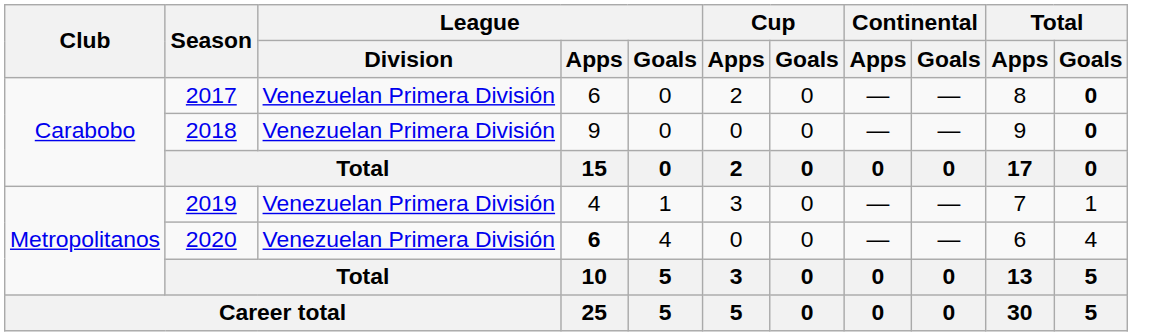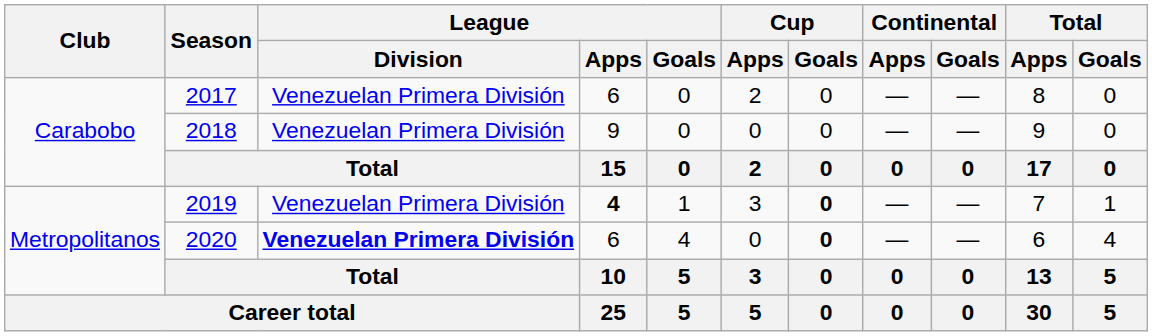 <table class=wikitable style=text-align:center>
 <tr>
 <th rowspan=2>Club</th>
 <th rowspan=2>Season</th>
 <th colspan=3>League</th>
 <th colspan=2>Cup</th>
 <th colspan=2>Continental</th>
 <th colspan=2>Total</th>
 </tr>
 <tr>
 <th>Division</th>
 <th>Apps</th>
 <th>Goals</th>
 <th>Apps</th>
 <th>Goals</th>
 <th>Apps</th>
 <th>Goals</th>
 <th>Apps</th>
 <th>Goals</th>
 </tr>
 <tr>
 <td rowspan=3><a href='#'>Carabobo</a></td>
 <td><a href='#'>2017</a></td>
 <td><a href='#'>Venezuelan Primera División</a></td>
 <td>6</td>
 <td>0</td>
 <td>2</td>
 <td>0</td>
 <td>—</td>
 <td>—</td>
 <td>8</td>
-<td><strong>0</strong></td>
+<td>0</td>
 </tr>
 <tr>
 <td><a href='#'>2018</a></td>
 <td><a href='#'>Venezuelan Primera División</a></td>
 <td>9</td>
 <td>0</td>
 <td>0</td>
 <td>0</td>
 <td>—</td>
 <td>—</td>
 <td>9</td>
-<td><strong>0</strong></td>
+<td>0</td>
 </tr>
 <tr>
 <th colspan=2>Total</th>
 <th>15</th>
 <th>0</th>
 <th>2</th>
 <th>0</th>
 <th>0</th>
 <th>0</th>
 <th>17</th>
 <th>0</th>
 </tr>
 <tr>
 <td rowspan=3><a href='#'>Metropolitanos</a></td>
 <td><a href='#'>2019</a></td>
 <td><a href='#'>Venezuelan Primera División</a></td>
-<td>4</td>
+<td><strong>4</strong></td>
 <td>1</td>
 <td>3</td>
-<td>0</td>
+<td><strong>0</strong></td>
 <td>—</td>
 <td>—</td>
 <td>7</td>
 <td>1</td>
 </tr>
 <tr>
 <td><a href='#'>2020</a></td>
-<td><a href='#'>Venezuelan Primera División</a></td>
-<td><strong>6</strong></td>
+<td><strong><a href='#'>Venezuelan Primera División</a></strong></td>
+<td>6</td>
 <td>4</td>
 <td>0</td>
-<td>0</td>
+<td><strong>0</strong></td>
 <td>—</td>
 <td>—</td>
 <td>6</td>
 <td>4</td>
 </tr>
 <tr>
 <th colspan=2>Total</th>
 <th>10</th>
 <th>5</th>
 <th>3</th>
 <th>0</th>
 <th>0</th>
 <th>0</th>
 <th>13</th>
 <th>5</th>
 </tr>
 <tr>
 <th colspan=3>Career total</th>
 <th>25</th>
 <th>5</th>
 <th>5</th>
 <th>0</th>
 <th>0</th>
 <th>0</th>
 <th>30</th>
 <th>5</th>
 </tr>
 </table>
